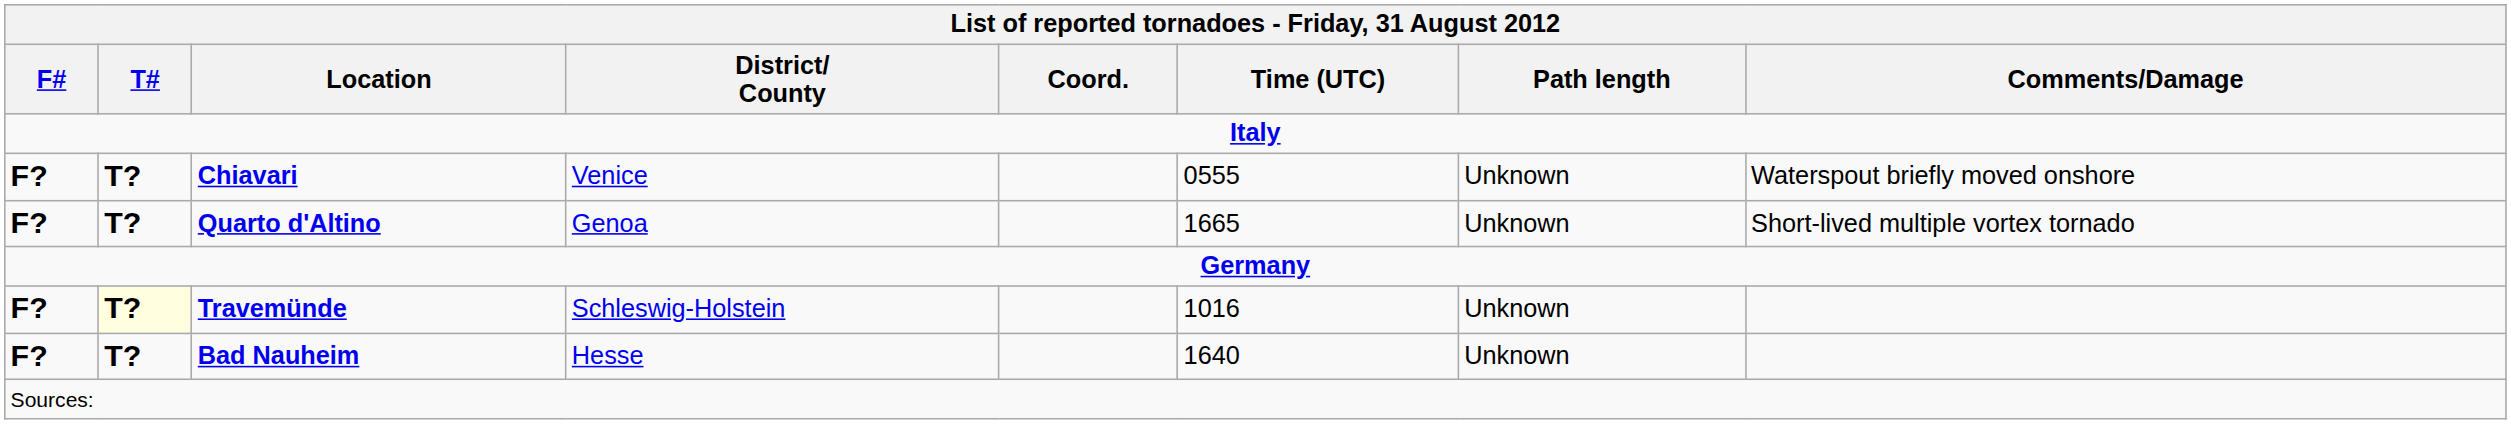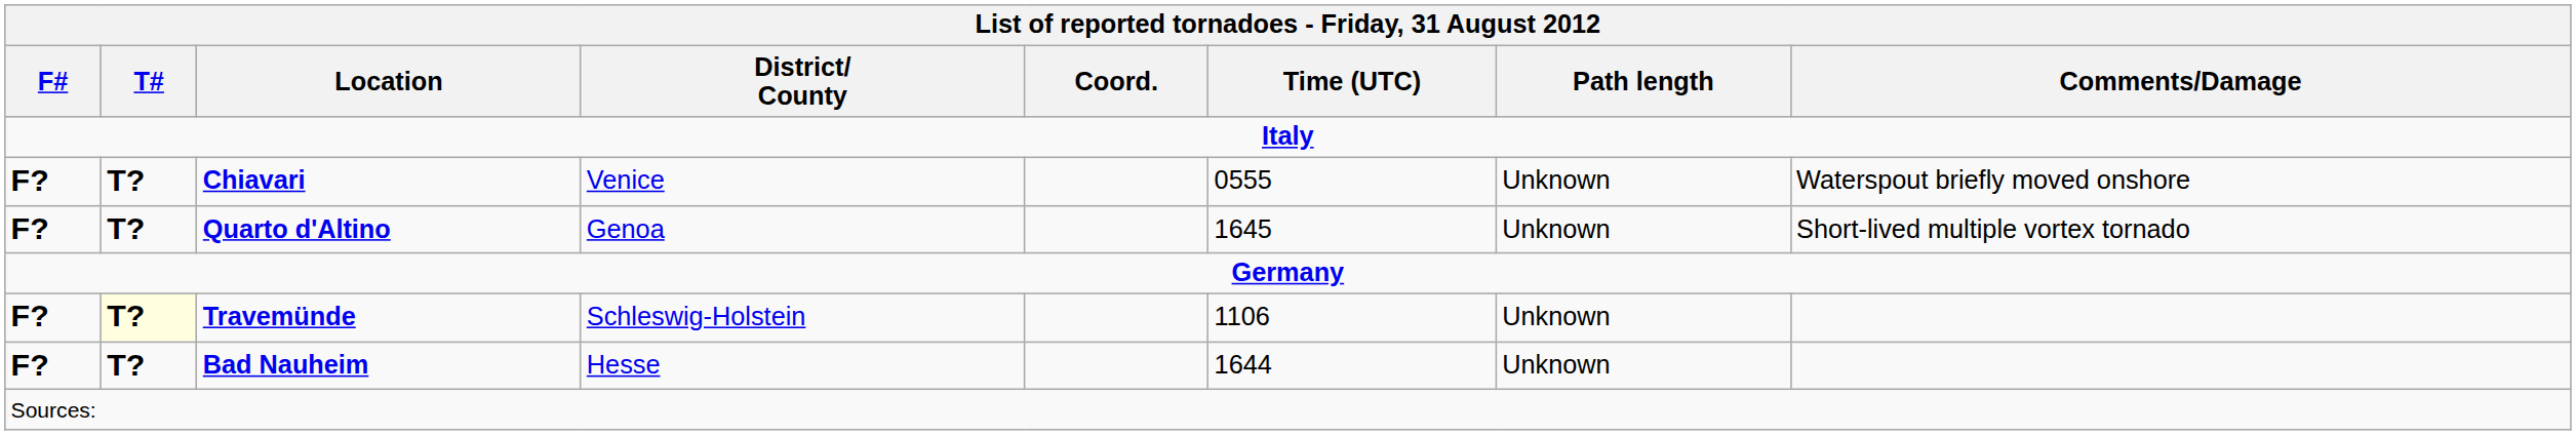 <table class="wikitable collapsible" width="100%">
 <tr>
 <th colspan="8">List of reported tornadoes - Friday, 31 August 2012</th>
 </tr>
 <tr>
 <th><a href='#'>F#</a></th>
 <th><a href='#'>T#</a></th>
 <th>Location</th>
 <th>District/<br>County</th>
 <th>Coord.</th>
 <th>Time (UTC)</th>
 <th>Path length</th>
 <th>Comments/Damage</th>
 </tr>
 <tr>
 <td colspan="8" align=center><strong><a href='#'>Italy</a></strong></td>
 </tr>
 <tr>
 <td><big><strong>F?</strong></big></td>
 <td><big><strong>T?</strong></big></td>
 <td><strong><a href='#'>Chiavari</a></strong></td>
 <td><a href='#'>Venice</a></td>
 <td></td>
 <td>0555</td>
 <td>Unknown</td>
 <td>Waterspout briefly moved onshore</td>
 </tr>
 <tr>
 <td><big><strong>F?</strong></big></td>
 <td><big><strong>T?</strong></big></td>
 <td><strong><a href='#'>Quarto d'Altino</a></strong></td>
 <td><a href='#'>Genoa</a></td>
 <td></td>
-<td>1665</td>
+<td>1645</td>
 <td>Unknown</td>
 <td>Short-lived multiple vortex tornado</td>
 </tr>
 <tr>
 <td colspan="8" align=center><strong><a href='#'>Germany</a></strong></td>
 </tr>
 <tr>
 <td><big><strong>F?</strong></big></td>
 <td style="background: lightyellow;"><big><strong>T?</strong></big></td>
 <td><strong><a href='#'>Travemünde</a></strong></td>
 <td><a href='#'>Schleswig-Holstein</a></td>
 <td></td>
-<td>1016</td>
+<td>1106</td>
 <td>Unknown</td>
 <td></td>
 </tr>
 <tr>
 <td><big><strong>F?</strong></big></td>
 <td><big><strong>T?</strong></big></td>
 <td><strong><a href='#'>Bad Nauheim</a></strong></td>
 <td><a href='#'>Hesse</a></td>
 <td></td>
-<td>1640</td>
+<td>1644</td>
 <td>Unknown</td>
 <td></td>
 </tr>
 <tr>
 <td colspan="8"><small>Sources:  </small></td>
 </tr>
 </table>
